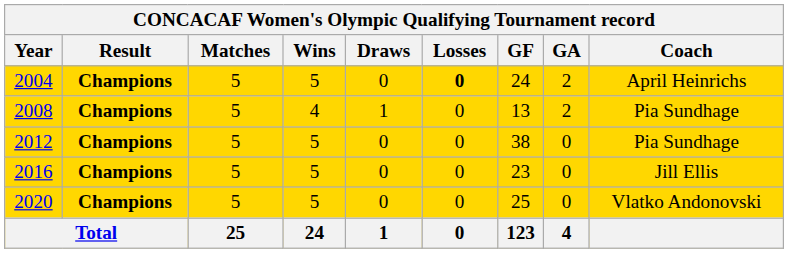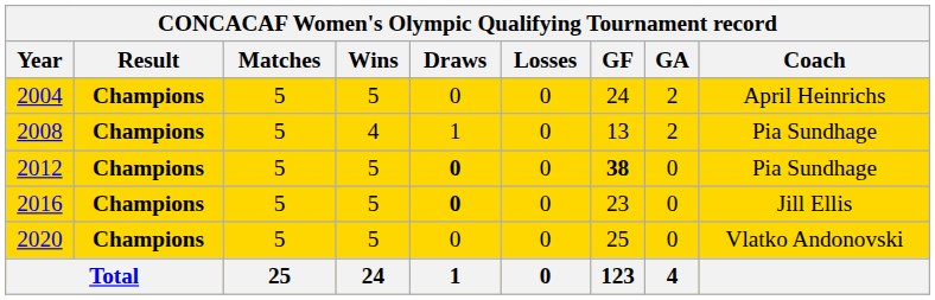 <table class="wikitable"  style="text-align:center; width:650px;">
 <tr>
 <th colspan=9><strong>CONCACAF Women's Olympic Qualifying Tournament record</strong></th>
 </tr>
 <tr>
 <th>Year</th>
 <th>Result</th>
 <th>Matches</th>
 <th>Wins</th>
 <th>Draws</th>
 <th>Losses</th>
 <th>GF</th>
 <th>GA</th>
 <th>Coach</th>
 </tr>
 <tr style="background:gold;">
 <td> <a href='#'>2004</a></td>
 <td><strong>Champions</strong></td>
 <td>5</td>
 <td>5</td>
 <td>0</td>
-<td><strong>0</strong></td>
+<td>0</td>
 <td>24</td>
 <td>2</td>
 <td>April Heinrichs</td>
 </tr>
 <tr style="background:gold;">
 <td> <a href='#'>2008</a></td>
 <td><strong>Champions</strong></td>
 <td>5</td>
 <td>4</td>
 <td>1</td>
 <td>0</td>
 <td>13</td>
 <td>2</td>
 <td>Pia Sundhage</td>
 </tr>
 <tr style="background:gold;">
 <td> <a href='#'>2012</a></td>
 <td><strong>Champions</strong></td>
 <td>5</td>
 <td>5</td>
+<td><strong>0</strong></td>
 <td>0</td>
-<td>0</td>
-<td>38</td>
+<td><strong>38</strong></td>
 <td>0</td>
 <td>Pia Sundhage</td>
 </tr>
 <tr style="background:gold;">
 <td> <a href='#'>2016</a></td>
 <td><strong>Champions</strong></td>
 <td>5</td>
 <td>5</td>
-<td>0</td>
+<td><strong>0</strong></td>
 <td>0</td>
 <td>23</td>
 <td>0</td>
 <td>Jill Ellis</td>
 </tr>
 <tr style="background:gold;">
 <td> <a href='#'>2020</a></td>
 <td><strong>Champions</strong></td>
 <td>5</td>
 <td>5</td>
 <td>0</td>
 <td>0</td>
 <td>25</td>
 <td>0</td>
 <td>Vlatko Andonovski</td>
 </tr>
 <tr style="background:gold;">
 <th colspan=2><a href='#'>Total</a></th>
 <th>25</th>
 <th>24</th>
 <th>1</th>
 <th>0</th>
 <th>123</th>
 <th>4</th>
 <th></th>
 </tr>
 </table>
